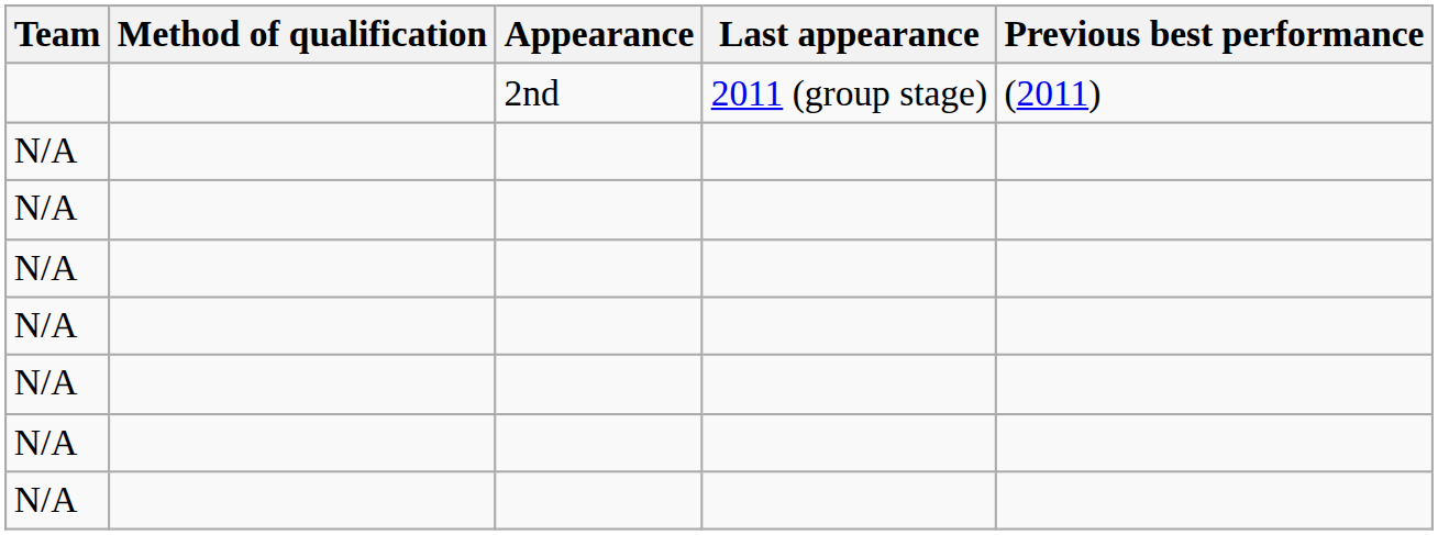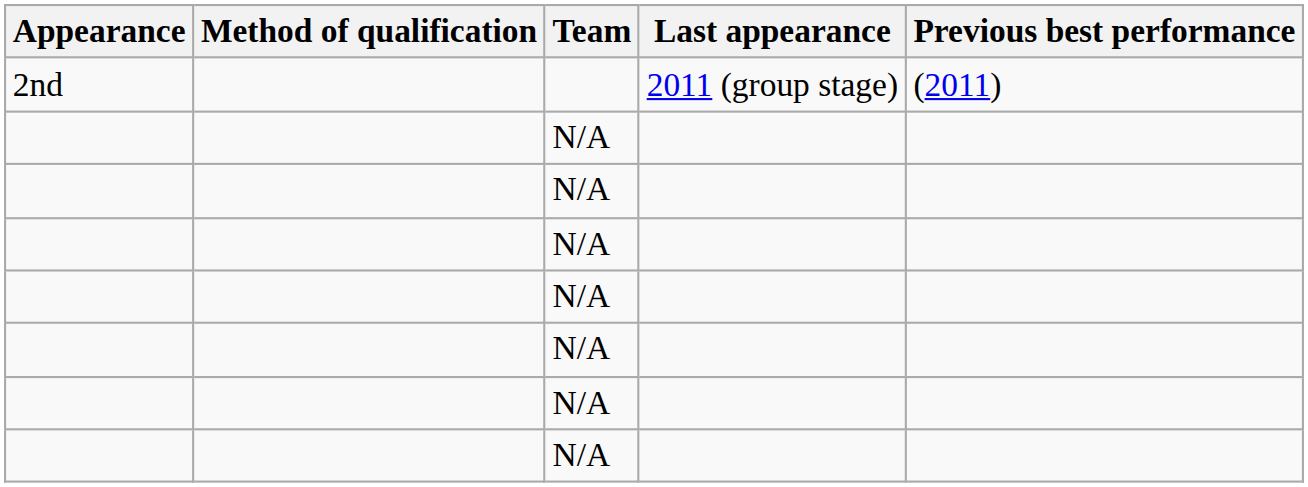 <table class="wikitable sortable">
 <tr>
+<th data-sort-type="number">Appearance</th>
+<th>Method of qualification</th>
 <th>Team</th>
-<th>Method of qualification</th>
-<th data-sort-type="number">Appearance</th>
 <th>Last appearance</th>
 <th>Previous best performance</th>
 </tr>
 <tr>
+<td>2nd</td>
 <td></td>
 <td></td>
-<td>2nd</td>
 <td><a href='#'>2011</a> (group stage)</td>
 <td> (<a href='#'>2011</a>)</td>
 </tr>
 <tr>
-<td>N/A</td>
 <td></td>
 <td></td>
+<td>N/A</td>
 <td></td>
 <td></td>
 </tr>
 <tr>
-<td>N/A</td>
 <td></td>
 <td></td>
+<td>N/A</td>
 <td></td>
 <td></td>
 </tr>
 <tr>
-<td>N/A</td>
 <td></td>
 <td></td>
+<td>N/A</td>
 <td></td>
 <td></td>
 </tr>
 <tr>
-<td>N/A</td>
 <td></td>
 <td></td>
+<td>N/A</td>
 <td></td>
 <td></td>
 </tr>
 <tr>
-<td>N/A</td>
 <td></td>
 <td></td>
+<td>N/A</td>
 <td></td>
 <td></td>
 </tr>
 <tr>
-<td>N/A</td>
 <td></td>
 <td></td>
+<td>N/A</td>
 <td></td>
 <td></td>
 </tr>
 <tr>
-<td>N/A</td>
 <td></td>
 <td></td>
+<td>N/A</td>
 <td></td>
 <td></td>
 </tr>
 </table>
